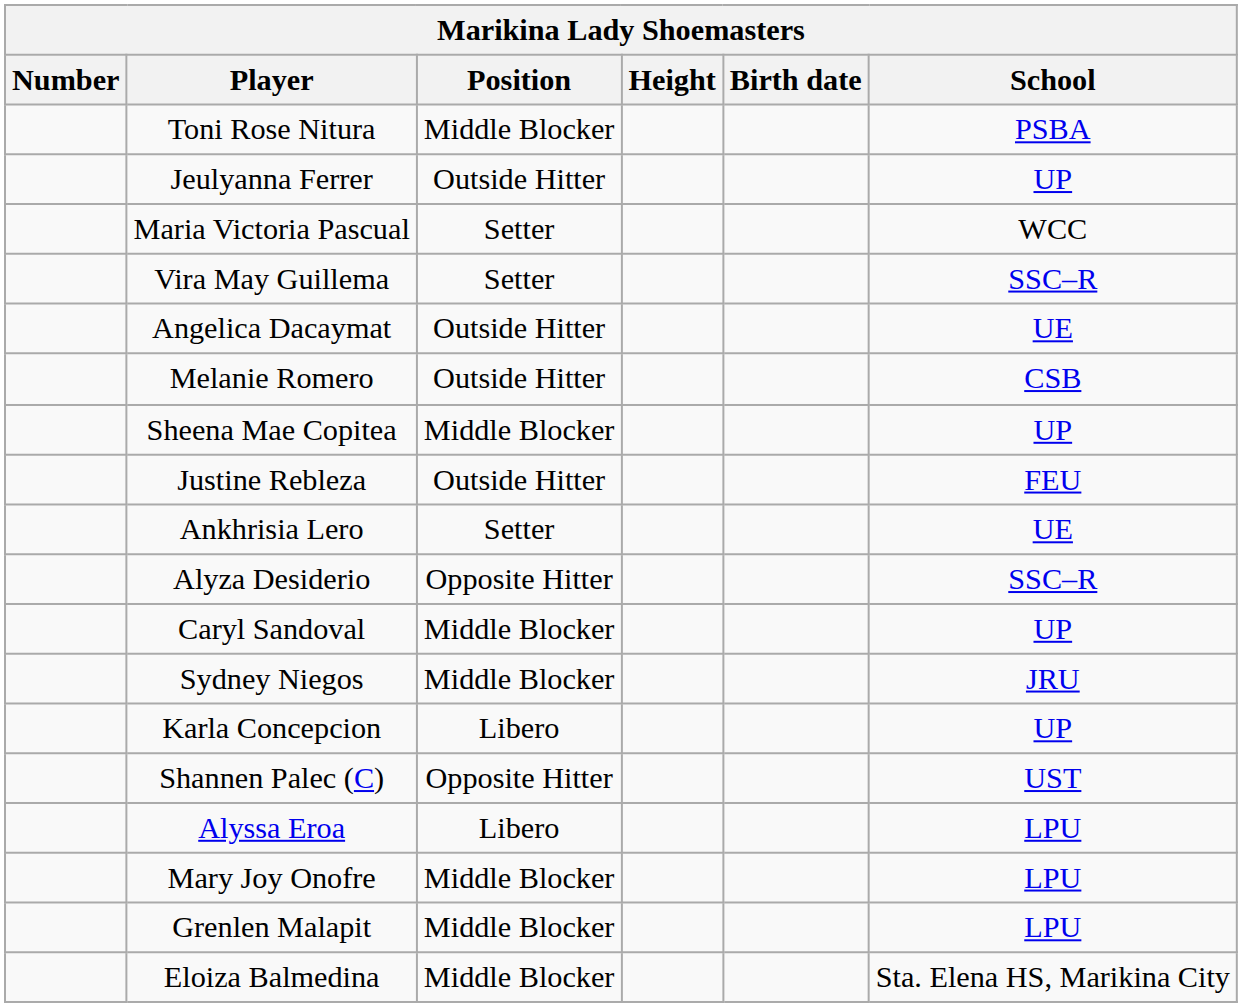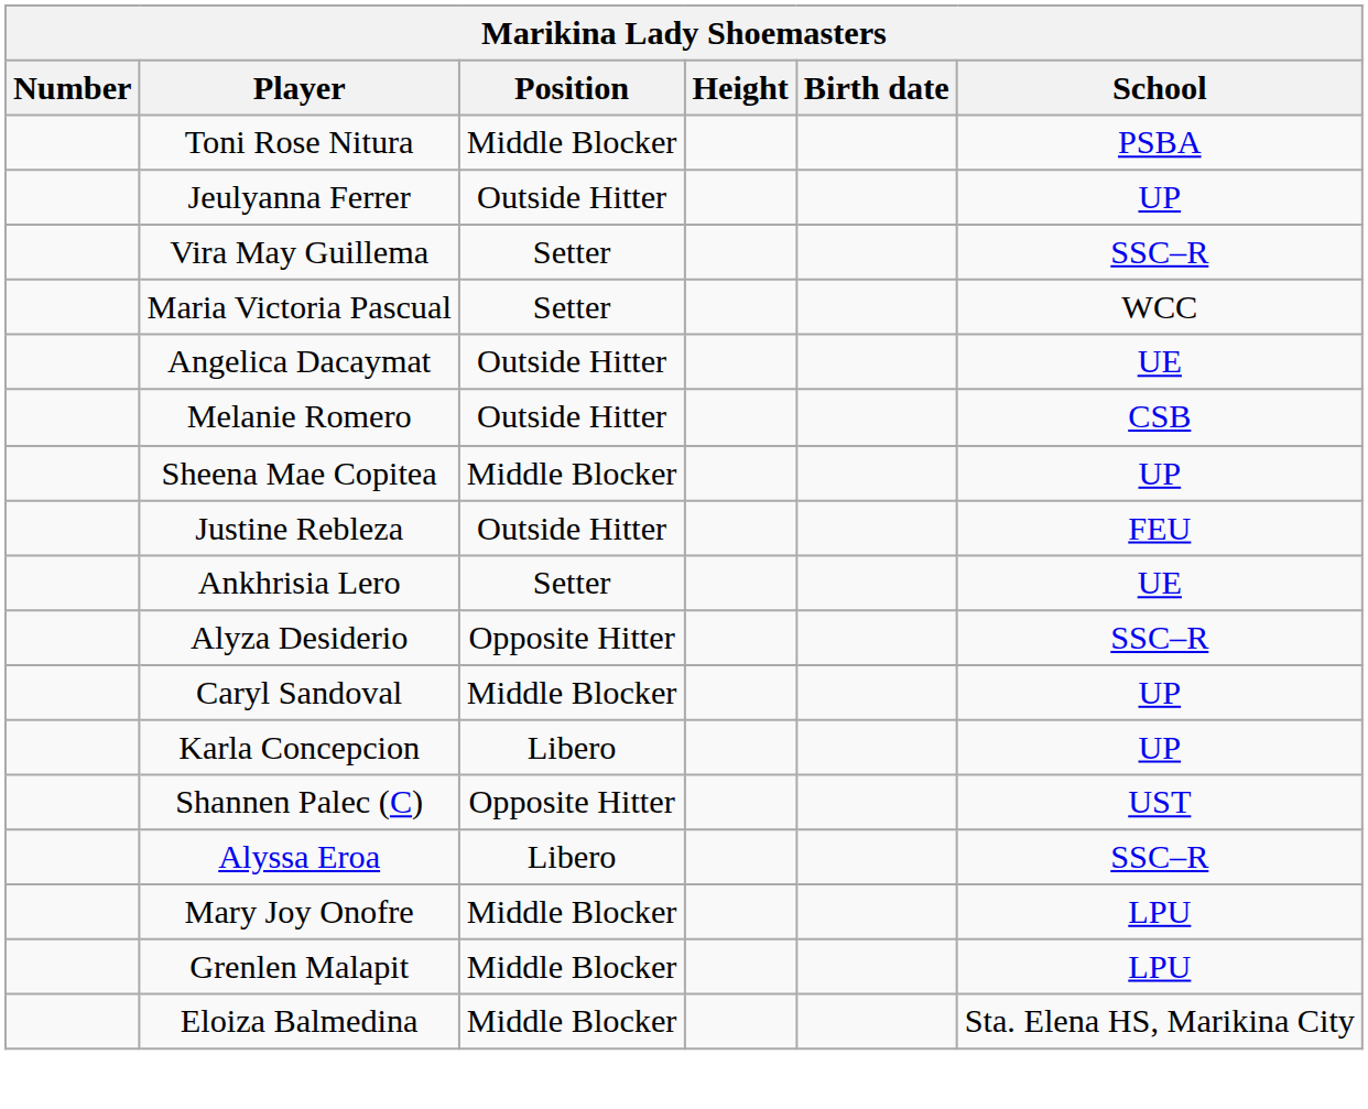 <table class="wikitable sortable" style="font-size:95%; text-align:left;">
 <tr>
 <th colspan="6"><strong>Marikina Lady Shoemasters</strong></th>
 </tr>
 <tr style="background:#FFFFFF;">
 <th style="text-align:center; width:1em;">Number</th>
 <th style"text-align:center;width:17em;">Player</th>
 <th style"text-align:center; width:9em;">Position</th>
 <th style"text-align:center; width:9em;">Height</th>
 <th style"text-align:center; width:13em;">Birth date</th>
 <th style"text-align:center; width:13em;">School</th>
 </tr>
 <tr align=center>
 <td></td>
 <td style"text-align:left">Toni Rose Nitura</td>
 <td>Middle Blocker</td>
 <td></td>
 <td></td>
 <td><a href='#'>PSBA</a></td>
 </tr>
 <tr align=center>
 <td></td>
 <td style"text-align:left">Jeulyanna Ferrer</td>
 <td>Outside Hitter</td>
 <td></td>
 <td></td>
 <td><a href='#'>UP</a></td>
 </tr>
 <tr align=center>
 <td></td>
+<td style"text-align:left">Vira May Guillema</td>
+<td>Setter</td>
+<td></td>
+<td align=right></td>
+<td><a href='#'>SSC–R</a></td>
+</tr>
+<tr align=center>
+<td></td>
 <td style"text-align:left">Maria Victoria Pascual</td>
 <td>Setter</td>
 <td></td>
 <td></td>
 <td>WCC</td>
-</tr>
-<tr align=center>
-<td></td>
-<td style"text-align:left">Vira May Guillema</td>
-<td>Setter</td>
-<td></td>
-<td align=right></td>
-<td><a href='#'>SSC–R</a></td>
 </tr>
 <tr align=center>
 <td></td>
 <td style"text-align:left">Angelica Dacaymat</td>
 <td>Outside Hitter</td>
 <td></td>
 <td></td>
 <td><a href='#'>UE</a></td>
 </tr>
 <tr align=center>
 <td></td>
 <td style"text-align:left">Melanie Romero</td>
 <td>Outside Hitter</td>
 <td></td>
 <td></td>
 <td><a href='#'>CSB</a></td>
 </tr>
 <tr align=center>
 <td></td>
 <td style"text-align:left">Sheena Mae Copitea</td>
 <td>Middle Blocker</td>
 <td></td>
 <td></td>
 <td><a href='#'>UP</a></td>
 </tr>
 <tr align=center>
 <td></td>
 <td style"text-align:left">Justine Rebleza</td>
 <td>Outside Hitter</td>
 <td></td>
 <td></td>
 <td><a href='#'>FEU</a></td>
 </tr>
 <tr align=center>
 <td></td>
 <td style"text-align:left">Ankhrisia Lero</td>
 <td>Setter</td>
 <td></td>
 <td></td>
 <td><a href='#'>UE</a></td>
 </tr>
 <tr align=center>
 <td></td>
 <td style"text-align:left">Alyza Desiderio</td>
 <td>Opposite Hitter</td>
 <td></td>
 <td></td>
 <td><a href='#'>SSC–R</a></td>
 </tr>
 <tr align=center>
 <td></td>
 <td style"text-align:left">Caryl Sandoval</td>
 <td>Middle Blocker</td>
 <td></td>
 <td></td>
 <td><a href='#'>UP</a></td>
 </tr>
 <tr align=center>
 <td></td>
-<td style"text-align:left">Sydney Niegos</td>
-<td>Middle Blocker</td>
-<td></td>
-<td></td>
-<td><a href='#'>JRU</a></td>
-</tr>
-<tr align=center>
-<td></td>
 <td style"text-align:left">Karla Concepcion</td>
 <td>Libero</td>
 <td></td>
 <td></td>
 <td><a href='#'>UP</a></td>
 </tr>
 <tr align=center>
 <td></td>
 <td style"text-align:left">Shannen Palec (<a href='#'>C</a>)</td>
 <td>Opposite Hitter</td>
 <td></td>
 <td align=right></td>
 <td><a href='#'>UST</a></td>
 </tr>
 <tr align=center>
 <td></td>
 <td style"text-align:left"><a href='#'>Alyssa Eroa</a></td>
 <td>Libero</td>
 <td></td>
 <td align=right></td>
-<td><a href='#'>LPU</a></td>
+<td><a href='#'>SSC–R</a></td>
 </tr>
 <tr align=center>
 <td></td>
 <td style"text-align:left">Mary Joy Onofre</td>
 <td>Middle Blocker</td>
 <td></td>
 <td></td>
 <td><a href='#'>LPU</a></td>
 </tr>
 <tr align=center>
 <td></td>
 <td style"text-align:left">Grenlen Malapit</td>
 <td>Middle Blocker</td>
 <td></td>
 <td></td>
 <td><a href='#'>LPU</a></td>
 </tr>
 <tr align=center>
 <td></td>
 <td style"text-align:left">Eloiza Balmedina</td>
 <td>Middle Blocker</td>
 <td></td>
 <td></td>
 <td>Sta. Elena HS, Marikina City</td>
 </tr>
 </table>
